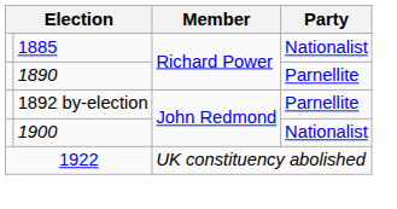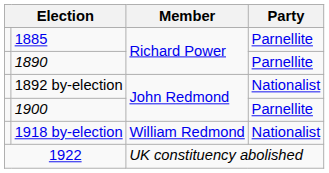 <table class="wikitable">
 <tr>
 <th colspan="2">Election</th>
 <th>Member</th>
 <th>Party</th>
 </tr>
 <tr>
 <td style="color:inherit;background-color: "></td>
 <td><a href='#'>1885</a></td>
 <td rowspan="2"><a href='#'>Richard Power</a></td>
-<td><a href='#'>Nationalist</a></td>
+<td><a href='#'>Parnellite</a></td>
 </tr>
 <tr>
 <td style="color:inherit;background-color: "></td>
 <td><em>1890</em></td>
 <td><a href='#'>Parnellite</a></td>
 </tr>
 <tr>
 <td style="color:inherit;background-color: "></td>
 <td>1892 by-election</td>
 <td rowspan="2"><a href='#'>John Redmond</a></td>
+<td><a href='#'>Nationalist</a></td>
+</tr>
+<tr>
+<td style="color:inherit;background-color: "></td>
+<td><em>1900</em></td>
 <td><a href='#'>Parnellite</a></td>
 </tr>
 <tr>
 <td style="color:inherit;background-color: "></td>
-<td><em>1900</em></td>
+<td><a href='#'>1918 by-election</a></td>
+<td><a href='#'>William Redmond</a></td>
 <td><a href='#'>Nationalist</a></td>
 </tr>
 <tr>
 <td colspan="2" align="center"><a href='#'>1922</a></td>
 <td colspan="2"><em>UK constituency abolished</em></td>
 </tr>
 </table>
